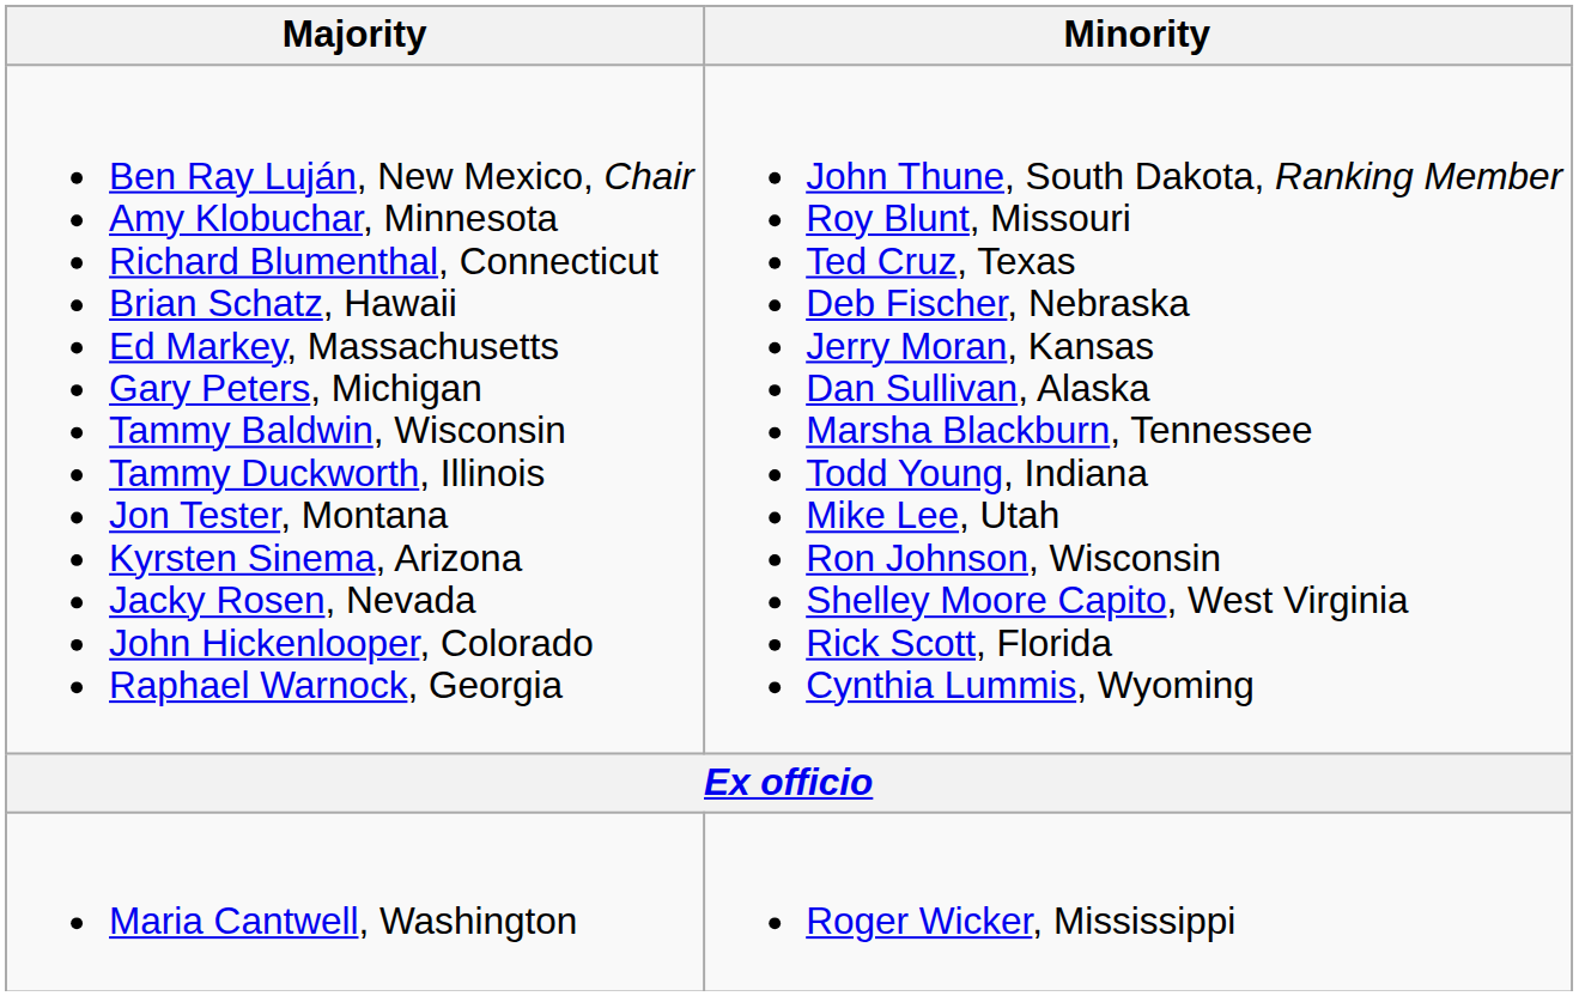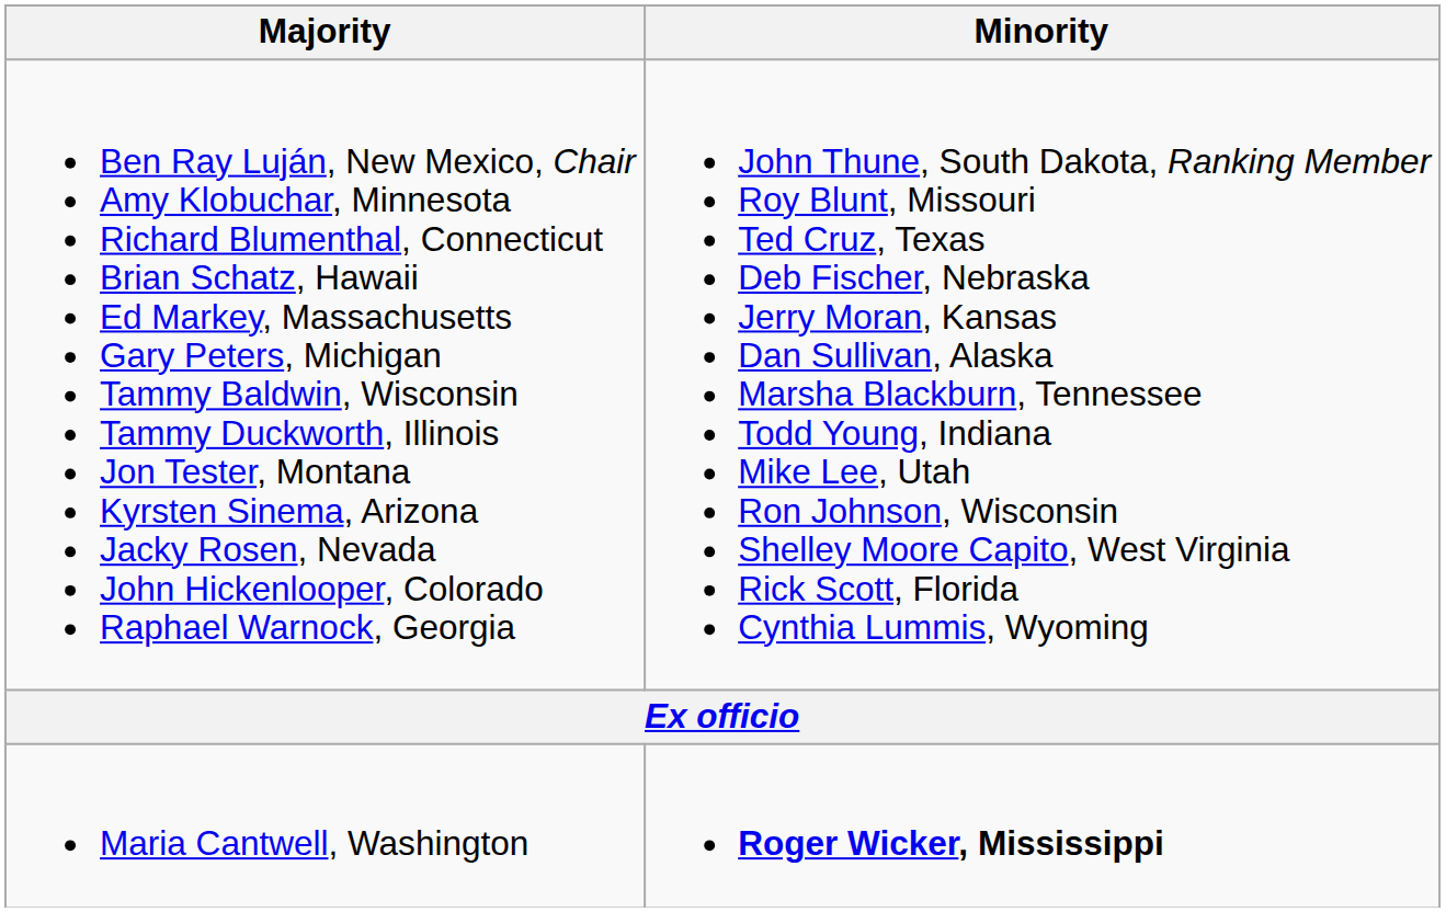 <table class=wikitable>
 <tr>
 <th>Majority</th>
 <th>Minority</th>
 </tr>
 <tr>
 <td><br><ul><li><a href='#'>Ben Ray Luján</a>, New Mexico, <em>Chair</em></li><li><a href='#'>Amy Klobuchar</a>, Minnesota</li><li><a href='#'>Richard Blumenthal</a>, Connecticut</li><li><a href='#'>Brian Schatz</a>, Hawaii</li><li><a href='#'>Ed Markey</a>, Massachusetts</li><li><a href='#'>Gary Peters</a>, Michigan</li><li><a href='#'>Tammy Baldwin</a>, Wisconsin</li><li><a href='#'>Tammy Duckworth</a>, Illinois</li><li><a href='#'>Jon Tester</a>, Montana</li><li><a href='#'>Kyrsten Sinema</a>, Arizona</li><li><a href='#'>Jacky Rosen</a>, Nevada</li><li><a href='#'>John Hickenlooper</a>, Colorado</li><li><a href='#'>Raphael Warnock</a>, Georgia</li></ul></td>
 <td><br><ul><li><a href='#'>John Thune</a>, South Dakota, <em>Ranking Member</em></li><li><a href='#'>Roy Blunt</a>, Missouri</li><li><a href='#'>Ted Cruz</a>, Texas</li><li><a href='#'>Deb Fischer</a>, Nebraska</li><li><a href='#'>Jerry Moran</a>, Kansas</li><li><a href='#'>Dan Sullivan</a>, Alaska</li><li><a href='#'>Marsha Blackburn</a>, Tennessee</li><li><a href='#'>Todd Young</a>, Indiana</li><li><a href='#'>Mike Lee</a>, Utah</li><li><a href='#'>Ron Johnson</a>, Wisconsin</li><li><a href='#'>Shelley Moore Capito</a>, West Virginia</li><li><a href='#'>Rick Scott</a>, Florida</li><li><a href='#'>Cynthia Lummis</a>, Wyoming</li></ul></td>
 </tr>
 <tr>
 <th colspan=2><em><a href='#'>Ex officio</a></em></th>
 </tr>
 <tr>
 <td><br><ul><li><a href='#'>Maria Cantwell</a>, Washington</li></ul></td>
-<td><br><ul><li><a href='#'>Roger Wicker</a>, Mississippi</li></ul></td>
+<td><strong><br><ul><li><a href='#'>Roger Wicker</a>, Mississippi</li></ul></strong></td>
 </tr>
 </table>
